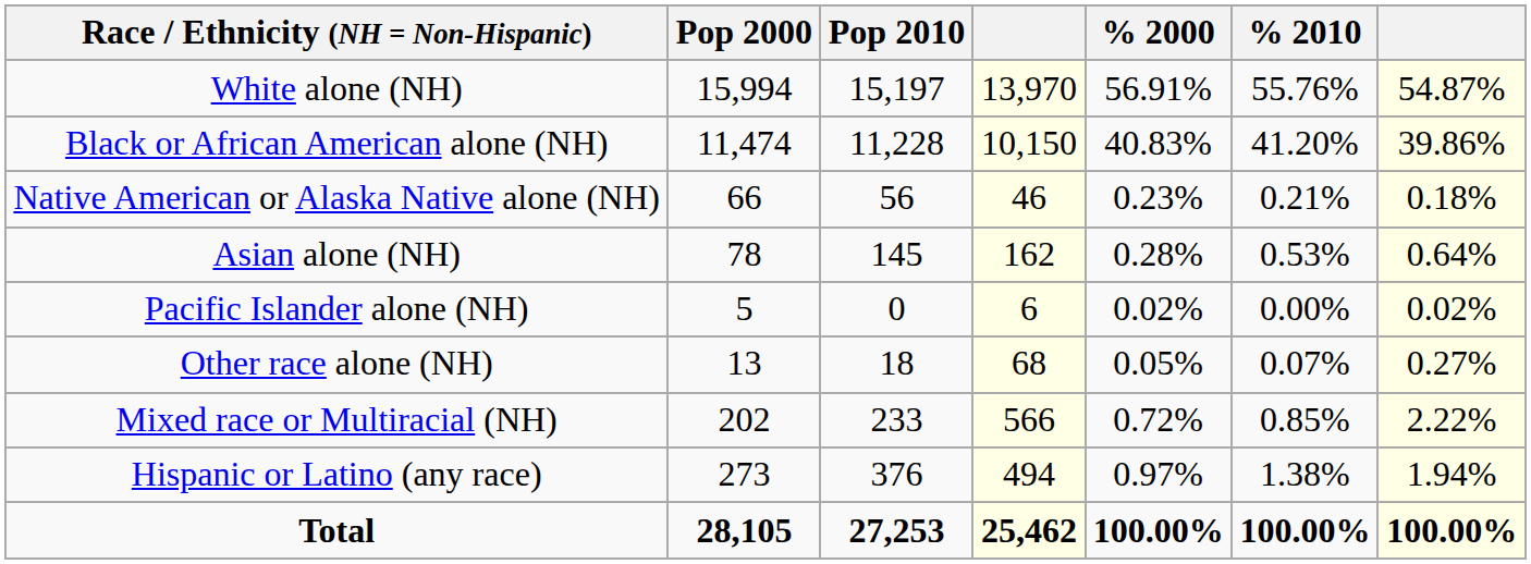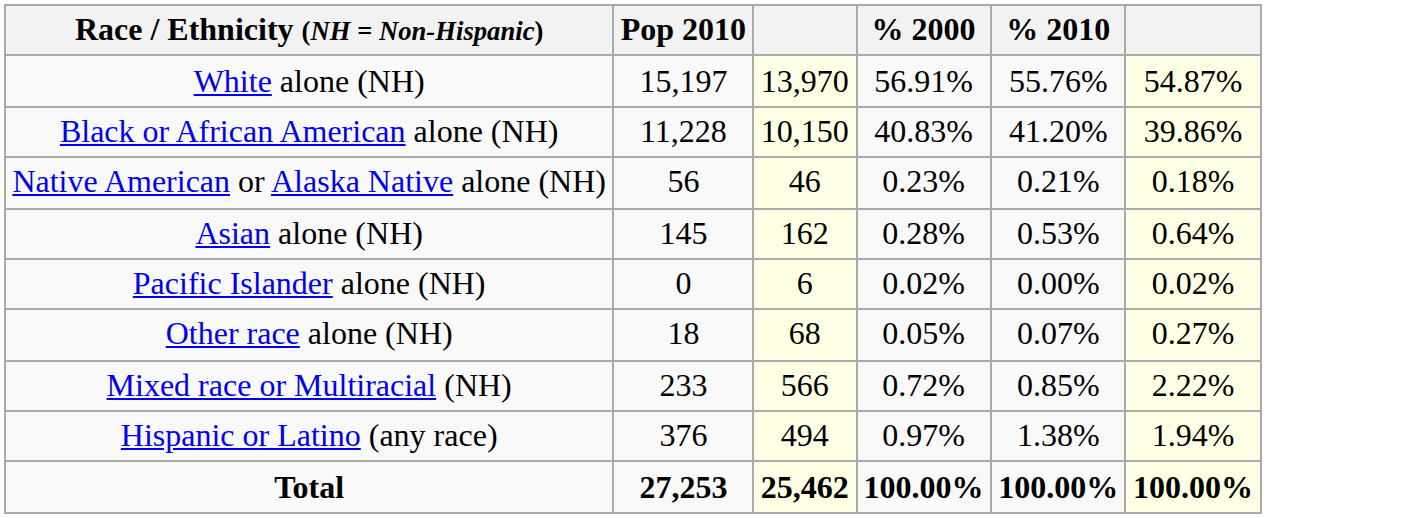 <table class="wikitable" style="text-align:center;">
 <tr>
 <th>Race / Ethnicity <small>(<em>NH = Non-Hispanic</em>)</small></th>
-<th>Pop 2000</th>
 <th>Pop 2010</th>
 <th></th>
 <th>% 2000</th>
 <th>% 2010</th>
 <th></th>
 </tr>
 <tr>
 <td><a href='#'>White</a> alone (NH)</td>
-<td>15,994</td>
 <td>15,197</td>
 <td style='background: #ffffe6;'>13,970</td>
 <td>56.91%</td>
 <td>55.76%</td>
 <td style='background: #ffffe6;'>54.87%</td>
 </tr>
 <tr>
 <td><a href='#'>Black or African American</a> alone (NH)</td>
-<td>11,474</td>
 <td>11,228</td>
 <td style='background: #ffffe6;'>10,150</td>
 <td>40.83%</td>
 <td>41.20%</td>
 <td style='background: #ffffe6;'>39.86%</td>
 </tr>
 <tr>
 <td><a href='#'>Native American</a> or <a href='#'>Alaska Native</a> alone (NH)</td>
-<td>66</td>
 <td>56</td>
 <td style='background: #ffffe6;'>46</td>
 <td>0.23%</td>
 <td>0.21%</td>
 <td style='background: #ffffe6;'>0.18%</td>
 </tr>
 <tr>
 <td><a href='#'>Asian</a> alone (NH)</td>
-<td>78</td>
 <td>145</td>
 <td style='background: #ffffe6;'>162</td>
 <td>0.28%</td>
 <td>0.53%</td>
 <td style='background: #ffffe6;'>0.64%</td>
 </tr>
 <tr>
 <td><a href='#'>Pacific Islander</a> alone (NH)</td>
-<td>5</td>
 <td>0</td>
 <td style='background: #ffffe6;'>6</td>
 <td>0.02%</td>
 <td>0.00%</td>
 <td style='background: #ffffe6;'>0.02%</td>
 </tr>
 <tr>
 <td><a href='#'>Other race</a> alone (NH)</td>
-<td>13</td>
 <td>18</td>
 <td style='background: #ffffe6;'>68</td>
 <td>0.05%</td>
 <td>0.07%</td>
 <td style='background: #ffffe6;'>0.27%</td>
 </tr>
 <tr>
 <td><a href='#'>Mixed race or Multiracial</a> (NH)</td>
-<td>202</td>
 <td>233</td>
 <td style='background: #ffffe6;'>566</td>
 <td>0.72%</td>
 <td>0.85%</td>
 <td style='background: #ffffe6;'>2.22%</td>
 </tr>
 <tr>
 <td><a href='#'>Hispanic or Latino</a> (any race)</td>
-<td>273</td>
 <td>376</td>
 <td style='background: #ffffe6;'>494</td>
 <td>0.97%</td>
 <td>1.38%</td>
 <td style='background: #ffffe6;'>1.94%</td>
 </tr>
 <tr>
 <td><strong>Total</strong></td>
-<td><strong>28,105</strong></td>
 <td><strong>27,253</strong></td>
 <td style='background: #ffffe6;'><strong>25,462</strong></td>
 <td><strong>100.00%</strong></td>
 <td><strong>100.00%</strong></td>
 <td style='background: #ffffe6;'><strong>100.00%</strong></td>
 </tr>
 </table>
